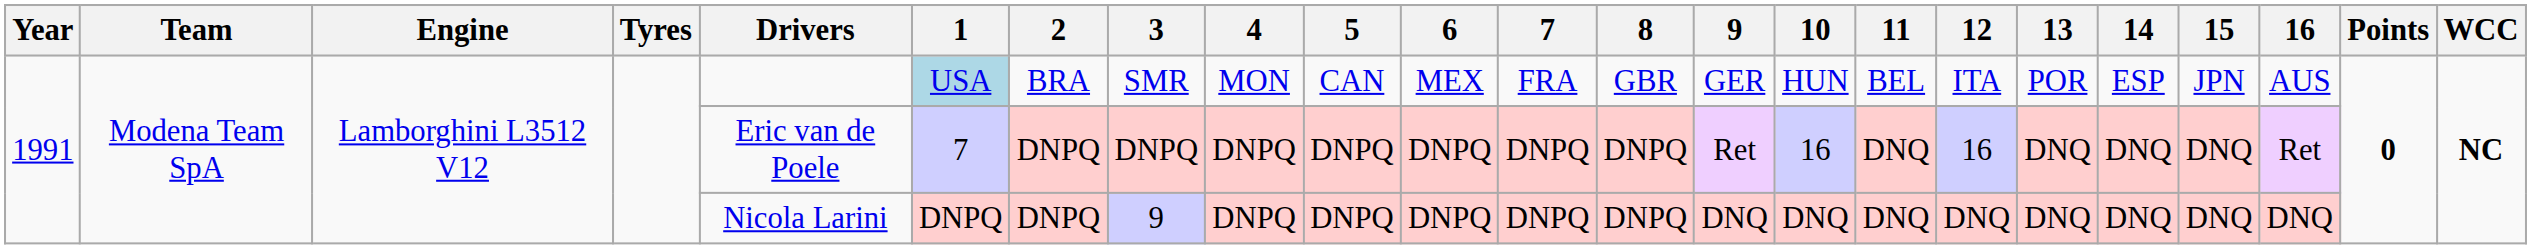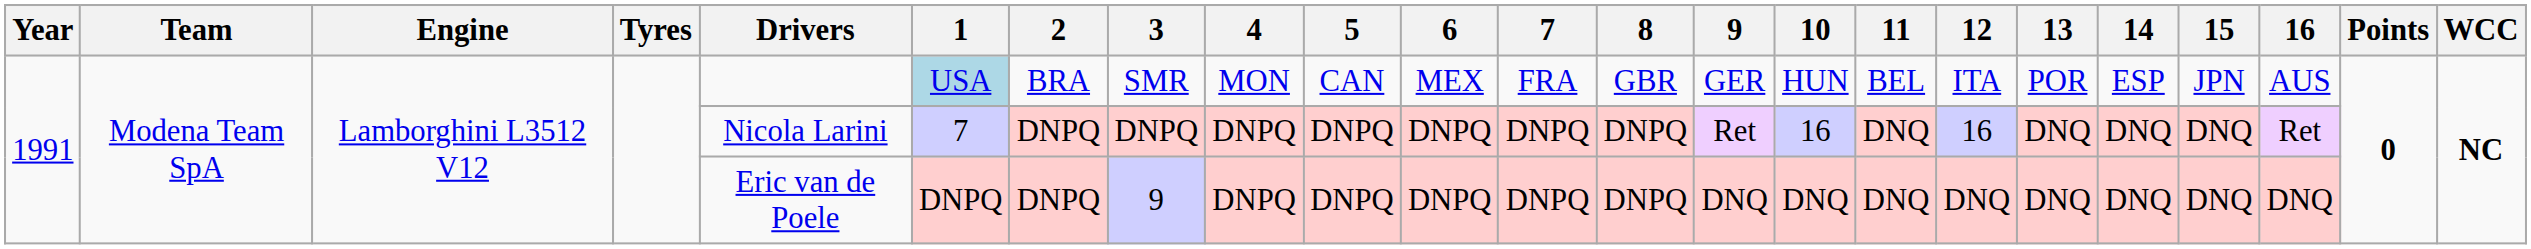 <table class="wikitable" style="text-align:center; font-size:95%">
 <tr>
 <th>Year</th>
 <th>Team</th>
 <th>Engine</th>
 <th>Tyres</th>
 <th>Drivers</th>
 <th>1</th>
 <th>2</th>
 <th>3</th>
 <th>4</th>
 <th>5</th>
 <th>6</th>
 <th>7</th>
 <th>8</th>
 <th>9</th>
 <th>10</th>
 <th>11</th>
 <th>12</th>
 <th>13</th>
 <th>14</th>
 <th>15</th>
 <th>16</th>
 <th>Points</th>
 <th>WCC</th>
 </tr>
 <tr>
 <td rowspan="3"><a href='#'>1991</a></td>
 <td rowspan="3"><a href='#'>Modena Team SpA</a></td>
 <td rowspan="3"><a href='#'>Lamborghini L3512</a> <a href='#'>V12</a></td>
 <td rowspan="3"></td>
 <td></td>
 <td style="background: lightblue;"><a href='#'>USA</a></td>
 <td><a href='#'>BRA</a></td>
 <td><a href='#'>SMR</a></td>
 <td><a href='#'>MON</a></td>
 <td><a href='#'>CAN</a></td>
 <td><a href='#'>MEX</a></td>
 <td><a href='#'>FRA</a></td>
 <td><a href='#'>GBR</a></td>
 <td><a href='#'>GER</a></td>
 <td><a href='#'>HUN</a></td>
 <td><a href='#'>BEL</a></td>
 <td><a href='#'>ITA</a></td>
 <td><a href='#'>POR</a></td>
 <td><a href='#'>ESP</a></td>
 <td><a href='#'>JPN</a></td>
 <td><a href='#'>AUS</a></td>
 <td rowspan="3"><strong>0</strong></td>
 <td rowspan="3"><strong>NC</strong></td>
 </tr>
 <tr>
-<td><a href='#'>Eric van de Poele</a></td>
+<td><a href='#'>Nicola Larini</a></td>
 <td style="background:#CFCFFF;">7</td>
 <td style="background:#FFCFCF;">DNPQ</td>
 <td style="background:#FFCFCF;">DNPQ</td>
 <td style="background:#FFCFCF;">DNPQ</td>
 <td style="background:#FFCFCF;">DNPQ</td>
 <td style="background:#FFCFCF;">DNPQ</td>
 <td style="background:#FFCFCF;">DNPQ</td>
 <td style="background:#FFCFCF;">DNPQ</td>
 <td style="background:#EFCFFF;">Ret</td>
 <td style="background:#CFCFFF;">16</td>
 <td style="background:#FFCFCF;">DNQ</td>
 <td style="background:#CFCFFF;">16</td>
 <td style="background:#FFCFCF;">DNQ</td>
 <td style="background:#FFCFCF;">DNQ</td>
 <td style="background:#FFCFCF;">DNQ</td>
 <td style="background:#EFCFFF;">Ret</td>
 </tr>
 <tr>
-<td><a href='#'>Nicola Larini</a></td>
+<td><a href='#'>Eric van de Poele</a></td>
 <td style="background:#FFCFCF;">DNPQ</td>
 <td style="background:#FFCFCF;">DNPQ</td>
 <td style="background:#CFCFFF;">9</td>
 <td style="background:#FFCFCF;">DNPQ</td>
 <td style="background:#FFCFCF;">DNPQ</td>
 <td style="background:#FFCFCF;">DNPQ</td>
 <td style="background:#FFCFCF;">DNPQ</td>
 <td style="background:#FFCFCF;">DNPQ</td>
 <td style="background:#FFCFCF;">DNQ</td>
 <td style="background:#FFCFCF;">DNQ</td>
 <td style="background:#FFCFCF;">DNQ</td>
 <td style="background:#FFCFCF;">DNQ</td>
 <td style="background:#FFCFCF;">DNQ</td>
 <td style="background:#FFCFCF;">DNQ</td>
 <td style="background:#FFCFCF;">DNQ</td>
 <td style="background:#FFCFCF;">DNQ</td>
 </tr>
 </table>
